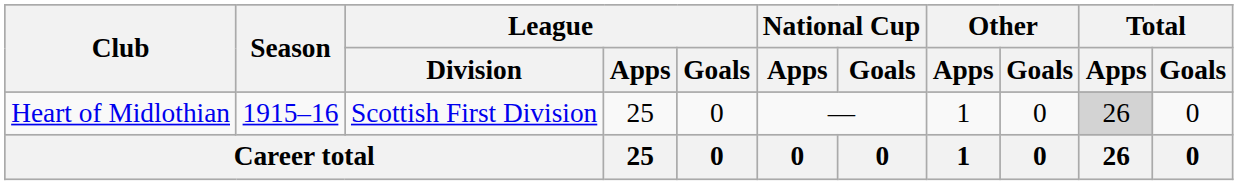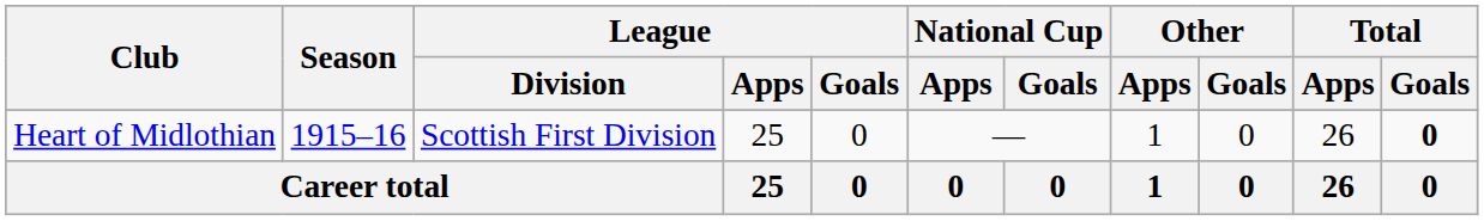 <table class="wikitable" style="text-align: center;">
 <tr>
 <th rowspan="2">Club</th>
 <th rowspan="2">Season</th>
 <th colspan="3">League</th>
 <th colspan="2">National Cup</th>
 <th colspan="2">Other</th>
 <th colspan="2">Total</th>
 </tr>
 <tr>
 <th>Division</th>
 <th>Apps</th>
 <th>Goals</th>
 <th>Apps</th>
 <th>Goals</th>
 <th>Apps</th>
 <th>Goals</th>
 <th>Apps</th>
 <th>Goals</th>
 </tr>
 <tr>
 <td><a href='#'>Heart of Midlothian</a></td>
 <td><a href='#'>1915–16</a></td>
 <td><a href='#'>Scottish First Division</a></td>
 <td>25</td>
 <td>0</td>
 <td colspan="2">—</td>
 <td>1</td>
 <td>0</td>
-<td style="background: lightgrey;">26</td>
-<td>0</td>
+<td>26</td>
+<td><strong>0</strong></td>
 </tr>
 <tr>
 <th colspan="3">Career total</th>
 <th>25</th>
 <th>0</th>
 <th>0</th>
 <th>0</th>
 <th>1</th>
 <th>0</th>
 <th>26</th>
 <th>0</th>
 </tr>
 </table>
